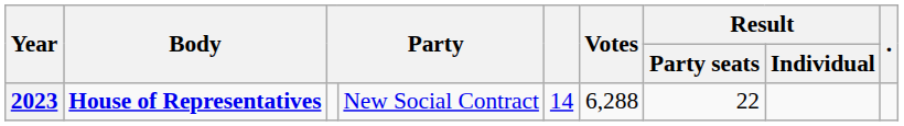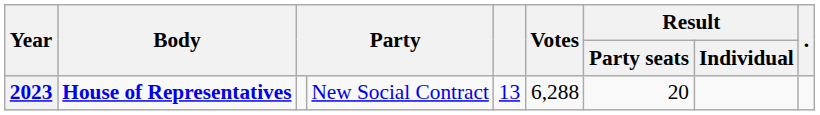 <table class="wikitable plainrowheaders sortable" border=2 cellpadding=4 cellspacing=0 style="border: 1px #aaa solid; font-size: 90%; text-align:center;">
 <tr>
 <th scope="col" rowspan=2>Year</th>
 <th scope="col" rowspan=2>Body</th>
 <th scope="col" colspan=2 rowspan=2>Party</th>
 <th scope="col" rowspan=2></th>
 <th scope="col" rowspan=2>Votes</th>
 <th scope="colgroup" colspan=2>Result</th>
 <th scope="col" rowspan=2 class="unsortable">.</th>
 </tr>
 <tr>
 <th scope="col">Party seats</th>
 <th scope="col">Individual</th>
 </tr>
 <tr>
 <th scope="row"><a href='#'>2023</a></th>
 <td><strong><a href='#'>House of Representatives</a></strong></td>
 <td style="background-color:"></td>
 <td><a href='#'>New Social Contract</a></td>
-<td style=text-align:right><a href='#'>14</a></td>
+<td style=text-align:right><a href='#'>13</a></td>
 <td style=text-align:right>6,288</td>
-<td style=text-align:right>22</td>
+<td style=text-align:right>20</td>
 <td></td>
 <td></td>
 </tr>
 </table>
